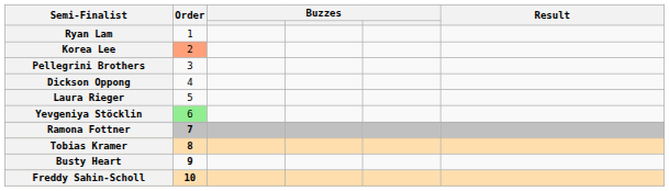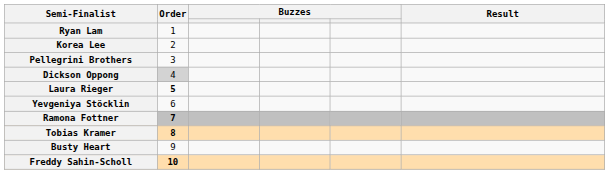 <table class="wikitable plainrowheaders sortable" style="text-align:center;">
 <tr>
 <th scope="col" rowspan="2" class="unsortable" style="width:17em;">Semi-Finalist</th>
 <th scope="col" rowspan="2" style="width:1em;">Order</th>
 <th scope="col" colspan="3" class="unsortable" style="width:24em;">Buzzes</th>
 <th scope="col" rowspan="2" style="width:23em;">Result</th>
 </tr>
 <tr>
 <th scope="col" class="unsortable" style="width:6em;"></th>
 <th scope="col" class="unsortable" style="width:6em;"></th>
 <th scope="col" class="unsortable" style="width:6em;"></th>
 </tr>
 <tr>
 <th scope="row">Ryan Lam</th>
 <td>1</td>
 <td style="text-align:center;"></td>
 <td style="text-align:center;"></td>
 <td style="text-align:center;"></td>
 <td></td>
 </tr>
 <tr>
 <th scope="row">Korea Lee</th>
-<td style="background: lightsalmon;">2</td>
+<td>2</td>
 <td style="text-align:center;"></td>
 <td style="text-align:center;"></td>
 <td style="text-align:center;"></td>
 <td></td>
 </tr>
 <tr>
 <th scope="row">Pellegrini Brothers</th>
 <td>3</td>
 <td style="text-align:center;"></td>
 <td style="text-align:center;"></td>
 <td style="text-align:center;"></td>
 <td></td>
 </tr>
 <tr>
 <th scope="row">Dickson Oppong</th>
-<td>4</td>
+<td style="background: lightgrey;">4</td>
 <td style="text-align:center;"></td>
 <td style="text-align:center;"></td>
 <td style="text-align:center;"></td>
 <td></td>
 </tr>
 <tr>
 <th scope="row">Laura Rieger</th>
-<td>5</td>
+<td><strong>5</strong></td>
 <td style="text-align:center;"></td>
 <td style="text-align:center;"></td>
 <td style="text-align:center;"></td>
 <td></td>
 </tr>
 <tr>
 <th scope="row">Yevgeniya Stöcklin</th>
-<td style="background: lightgreen;">6</td>
+<td>6</td>
 <td style="text-align:center;"></td>
 <td style="text-align:center;"></td>
 <td style="text-align:center;"></td>
 <td></td>
 </tr>
 <tr style="background:silver;">
 <th scope="row"><strong>Ramona Fottner</strong></th>
 <td><strong>7</strong></td>
 <td style="text-align:center;"></td>
 <td style="text-align:center;"></td>
 <td style="text-align:center;"></td>
 <td><strong></strong></td>
 </tr>
 <tr style="background:NavajoWhite;">
 <th scope="row"><strong>Tobias Kramer</strong></th>
 <td><strong>8</strong></td>
 <td style="text-align:center;"></td>
 <td style="text-align:center;"></td>
 <td style="text-align:center;"></td>
 <td><strong></strong></td>
 </tr>
 <tr>
 <th scope="row">Busty Heart</th>
-<td><strong>9</strong></td>
+<td>9</td>
 <td style="text-align:center;"></td>
 <td style="text-align:center;"></td>
 <td style="text-align:center;"></td>
 <td></td>
 </tr>
 <tr style="background:NavajoWhite;">
 <th scope="row"><strong>Freddy Sahin-Scholl</strong></th>
 <td><strong>10</strong></td>
 <td style="text-align:center;"></td>
 <td style="text-align:center;"></td>
 <td style="text-align:center;"></td>
 <td><strong></strong></td>
 </tr>
 </table>
